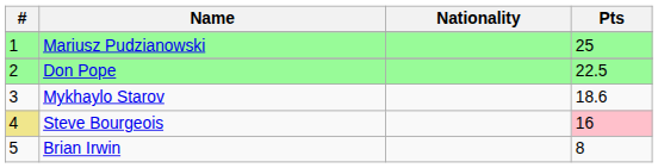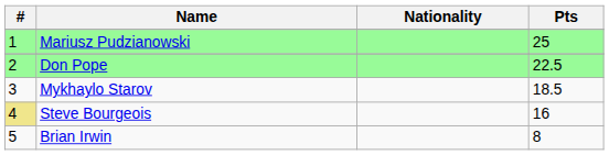 <table class="wikitable" style="display: inline-table; width: 50%;">
 <tr>
 <th>#</th>
 <th>Name</th>
 <th>Nationality</th>
 <th>Pts</th>
 </tr>
 <tr>
 </tr>
 <tr style="background:palegreen">
 <td>1</td>
 <td><a href='#'>Mariusz Pudzianowski</a></td>
 <td></td>
 <td>25</td>
 </tr>
 <tr>
 </tr>
 <tr style="background:palegreen">
 <td>2</td>
 <td><a href='#'>Don Pope</a></td>
 <td></td>
 <td>22.5</td>
 </tr>
 <tr>
 <td>3</td>
 <td><a href='#'>Mykhaylo Starov</a></td>
 <td></td>
-<td>18.6</td>
+<td>18.5</td>
 </tr>
 <tr>
 <td style="background: khaki;">4</td>
 <td><a href='#'>Steve Bourgeois</a></td>
 <td></td>
-<td style="background: pink;">16</td>
+<td>16</td>
 </tr>
 <tr>
 <td>5</td>
 <td><a href='#'>Brian Irwin</a></td>
 <td></td>
 <td>8</td>
 </tr>
 </table>
